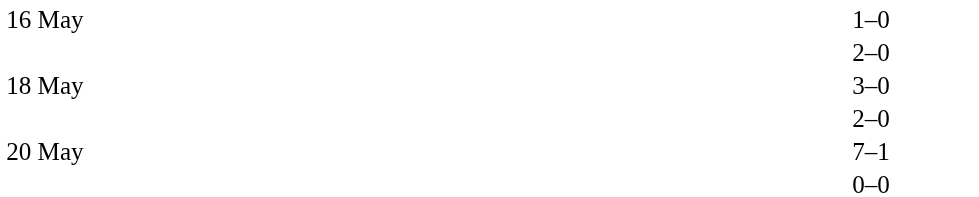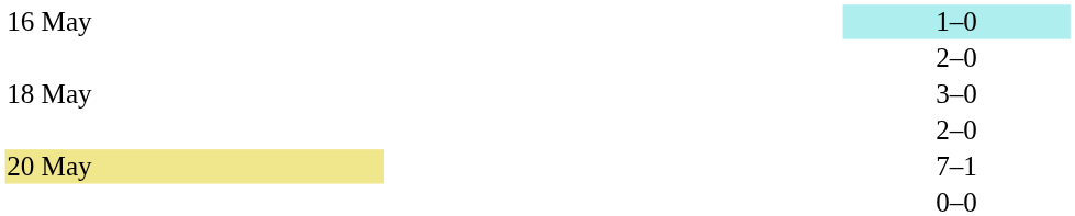 <table cellspacing=1 width=70%>
 <tr>
 <th width=25%></th>
 <th width=30%></th>
 <th width=15%></th>
 <th width=30%></th>
 </tr>
 <tr>
 <td>16 May</td>
 <td align=right></td>
-<td align=center>1–0</td>
+<td align=center style="background: paleturquoise;">1–0</td>
 <td></td>
 </tr>
 <tr>
 <td></td>
 <td align=right></td>
 <td align=center>2–0</td>
 <td></td>
 </tr>
 <tr>
 <td>18 May</td>
 <td align=right></td>
 <td align=center>3–0</td>
 <td></td>
 </tr>
 <tr>
 <td></td>
 <td align=right></td>
 <td align=center>2–0</td>
 <td></td>
 </tr>
 <tr>
-<td>20 May</td>
+<td style="background: khaki;">20 May</td>
 <td align=right></td>
 <td align=center>7–1</td>
 <td></td>
 </tr>
 <tr>
 <td></td>
 <td align=right></td>
 <td align=center>0–0</td>
 <td></td>
 </tr>
 </table>
